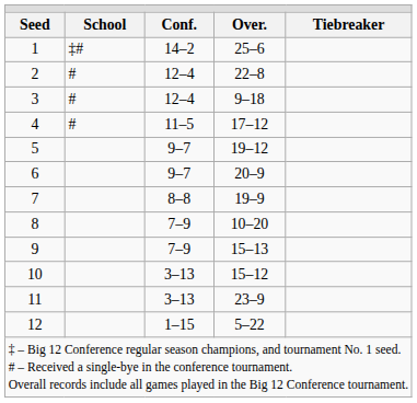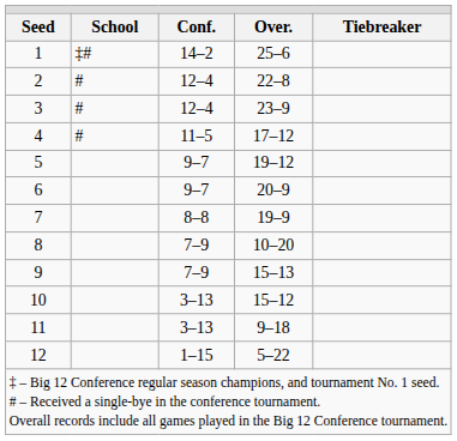 <table class="wikitable" style="white-space:nowrap; font-size:90%;text-align:center">
 <tr>
 <td colspan="10" style="text-align:center; background:#DDDDDD; font:#000000"><strong></strong></td>
 </tr>
 <tr bgcolor="#efefef">
 <th>Seed</th>
 <th>School</th>
 <th>Conf.</th>
 <th>Over.</th>
 <th>Tiebreaker</th>
 </tr>
 <tr>
 <td>1</td>
 <td align=left> ‡#</td>
 <td>14–2</td>
 <td>25–6</td>
 <td></td>
 </tr>
 <tr>
 <td>2</td>
 <td align=left> #</td>
 <td>12–4</td>
 <td>22–8</td>
 <td></td>
 </tr>
 <tr>
 <td>3</td>
 <td align=left> #</td>
 <td>12–4</td>
-<td>9–18</td>
+<td>23–9</td>
 <td></td>
 </tr>
 <tr>
 <td>4</td>
 <td align=left> #</td>
 <td>11–5</td>
 <td>17–12</td>
 <td></td>
 </tr>
 <tr>
 <td>5</td>
 <td align=left></td>
 <td>9–7</td>
 <td>19–12</td>
 <td></td>
 </tr>
 <tr>
 <td>6</td>
 <td align=left></td>
 <td>9–7</td>
 <td>20–9</td>
 <td></td>
 </tr>
 <tr>
 <td>7</td>
 <td align=left></td>
 <td>8–8</td>
 <td>19–9</td>
 <td></td>
 </tr>
 <tr>
 <td>8</td>
 <td align=left></td>
 <td>7–9</td>
 <td>10–20</td>
 <td></td>
 </tr>
 <tr>
 <td>9</td>
 <td align=left></td>
 <td>7–9</td>
 <td>15–13</td>
 <td></td>
 </tr>
 <tr>
 <td>10</td>
 <td align=left></td>
 <td>3–13</td>
 <td>15–12</td>
 <td></td>
 </tr>
 <tr>
 <td>11</td>
 <td align=left></td>
 <td>3–13</td>
-<td>23–9</td>
+<td>9–18</td>
 <td></td>
 </tr>
 <tr>
 <td>12</td>
 <td align=left></td>
 <td>1–15</td>
 <td>5–22</td>
 <td></td>
 </tr>
 <tr>
 <td colspan="10" style="text-align:left;"><small>‡ – Big 12 Conference regular season champions, and tournament No. 1 seed.<br># – Received a single-bye in the conference tournament.<br>Overall records include all games played in the Big 12 Conference tournament.</small></td>
 </tr>
 </table>
